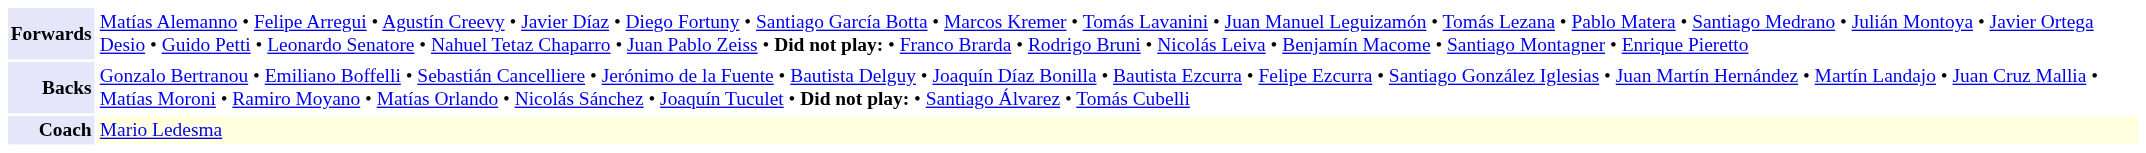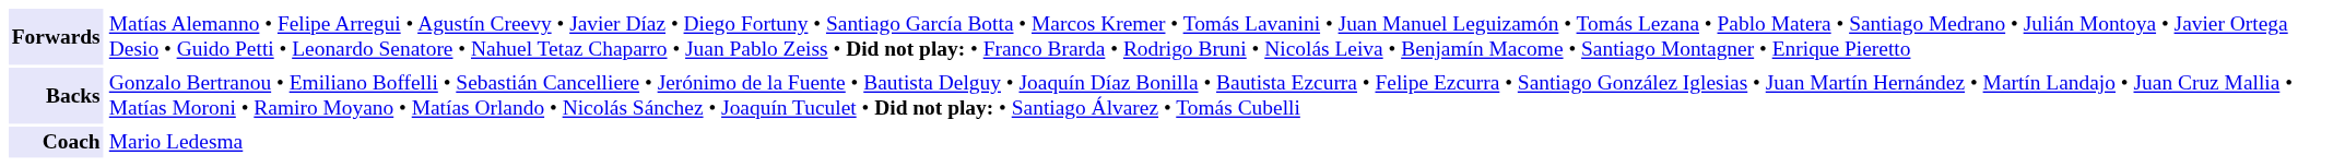 <table cellpadding="2" style="border: 1px solid white; font-size:90%;">
 <tr>
 <td style="text-align:right; background:lavender;"><strong>Forwards</strong></td>
 <td style="text-align:left;"><a href='#'>Matías Alemanno</a> • <a href='#'>Felipe Arregui</a> • <a href='#'>Agustín Creevy</a> • <a href='#'>Javier Díaz</a> • <a href='#'>Diego Fortuny</a> • <a href='#'>Santiago García Botta</a> • <a href='#'>Marcos Kremer</a> • <a href='#'>Tomás Lavanini</a> • <a href='#'>Juan Manuel Leguizamón</a> • <a href='#'>Tomás Lezana</a> • <a href='#'>Pablo Matera</a> • <a href='#'>Santiago Medrano</a> • <a href='#'>Julián Montoya</a> • <a href='#'>Javier Ortega Desio</a> • <a href='#'>Guido Petti</a> • <a href='#'>Leonardo Senatore</a> • <a href='#'>Nahuel Tetaz Chaparro</a> • <a href='#'>Juan Pablo Zeiss</a> • <strong>Did not play:</strong> • <a href='#'>Franco Brarda</a> • <a href='#'>Rodrigo Bruni</a> • <a href='#'>Nicolás Leiva</a> • <a href='#'>Benjamín Macome</a> • <a href='#'>Santiago Montagner</a> • <a href='#'>Enrique Pieretto</a></td>
 </tr>
 <tr>
 <td style="text-align:right; background:lavender;"><strong>Backs</strong></td>
 <td style="text-align:left;"><a href='#'>Gonzalo Bertranou</a> • <a href='#'>Emiliano Boffelli</a> • <a href='#'>Sebastián Cancelliere</a> • <a href='#'>Jerónimo de la Fuente</a> • <a href='#'>Bautista Delguy</a> • <a href='#'>Joaquín Díaz Bonilla</a> • <a href='#'>Bautista Ezcurra</a> • <a href='#'>Felipe Ezcurra</a> • <a href='#'>Santiago González Iglesias</a> • <a href='#'>Juan Martín Hernández</a> • <a href='#'>Martín Landajo</a> • <a href='#'>Juan Cruz Mallia</a> • <a href='#'>Matías Moroni</a> • <a href='#'>Ramiro Moyano</a> • <a href='#'>Matías Orlando</a> • <a href='#'>Nicolás Sánchez</a> • <a href='#'>Joaquín Tuculet</a> • <strong>Did not play:</strong> • <a href='#'>Santiago Álvarez</a> • <a href='#'>Tomás Cubelli</a></td>
 </tr>
 <tr>
 <td style="text-align:right; background:lavender;"><strong>Coach</strong></td>
-<td style="background: lightyellow; text-align:left;"><a href='#'>Mario Ledesma</a></td>
+<td style="text-align:left;"><a href='#'>Mario Ledesma</a></td>
 </tr>
 </table>
